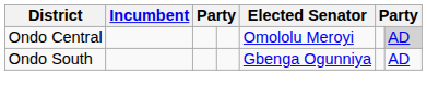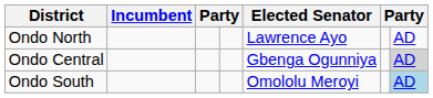 <table class="sortable wikitable" style="font-size:95%;line-height:14px;">
 <tr>
 <th class="unsortable">District</th>
 <th class="unsortable"><a href='#'>Incumbent</a></th>
 <th colspan="2">Party</th>
 <th class="unsortable">Elected Senator</th>
 <th colspan="2">Party</th>
 </tr>
 <tr>
+<td>Ondo North</td>
+<td></td>
+<td></td>
+<td></td>
+<td><a href='#'>Lawrence Ayo</a></td>
+<td style="background:"></td>
+<td><a href='#'>AD</a></td>
+</tr>
+<tr>
 <td>Ondo Central</td>
 <td></td>
 <td></td>
 <td></td>
-<td><a href='#'>Omololu Meroyi</a></td>
+<td><a href='#'>Gbenga Ogunniya</a></td>
 <td style="background:"></td>
 <td style="background: lightgrey;"><a href='#'>AD</a></td>
 </tr>
 <tr>
 <td>Ondo South</td>
 <td></td>
 <td></td>
 <td></td>
-<td><a href='#'>Gbenga Ogunniya</a></td>
+<td><a href='#'>Omololu Meroyi</a></td>
 <td style="background:"></td>
-<td><a href='#'>AD</a></td>
+<td style="background: lightblue;"><a href='#'>AD</a></td>
 </tr>
 </table>
